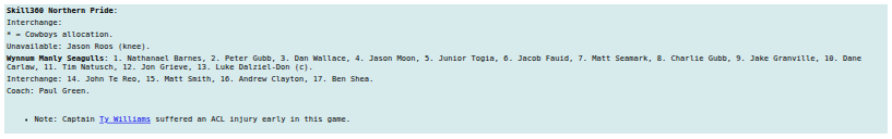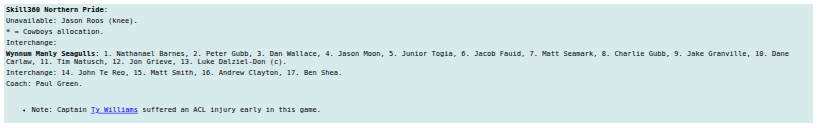 <table style="background:#d7ebed; font-size:85%; width:100%;">
 <tr>
 <td><strong>Skill360 Northern Pride</strong>:             </td>
 </tr>
 <tr>
-<td>Interchange:    </td>
+<td>Unavailable: Jason Roos (knee).</td>
 </tr>
 <tr>
 <td>* = Cowboys allocation.</td>
 </tr>
 <tr>
-<td>Unavailable: Jason Roos (knee).</td>
+<td>Interchange:    </td>
 </tr>
 <tr>
 <td><strong>Wynnum Manly Seagulls</strong>: 1. Nathanael Barnes, 2. Peter Gubb, 3. Dan Wallace, 4. Jason Moon, 5. Junior Togia, 6. Jacob Fauid, 7. Matt Seamark, 8. Charlie Gubb, 9. Jake Granville, 10. Dane Carlaw, 11. Tim Natusch, 12. Jon Grieve, 13. Luke Dalziel-Don (c).</td>
 </tr>
 <tr>
 <td>Interchange: 14. John Te Reo, 15. Matt Smith, 16. Andrew Clayton, 17. Ben Shea.</td>
 </tr>
 <tr>
 <td>Coach: Paul Green.</td>
 </tr>
 <tr>
 <td><br><ul><li>Note: Captain <a href='#'>Ty Williams</a> suffered an ACL injury early in this game.</li></ul></td>
 </tr>
 </table>
